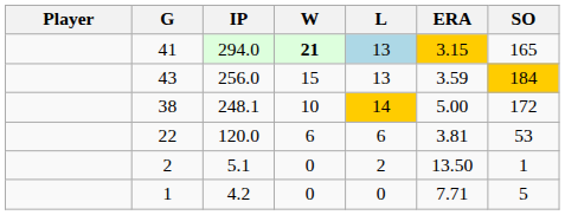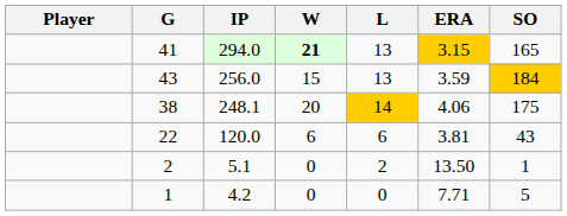 <table class="wikitable sortable">
 <tr>
 <th bgcolor="#DDDDFF" width="16%">Player</th>
 <th bgcolor="#DDDDFF" width="9%">G</th>
 <th bgcolor="#DDDDFF" width="9%">IP</th>
 <th bgcolor="#DDDDFF" width="9%">W</th>
 <th bgcolor="#DDDDFF" width="9%">L</th>
 <th bgcolor="#DDDDFF" width="9%">ERA</th>
 <th bgcolor="#DDDDFF" width="9%">SO</th>
 </tr>
 <tr align="center">
 <td></td>
 <td>41</td>
 <td style="background:#DDFFDD;">294.0</td>
 <td style="background:#DDFFDD;"><strong>21</strong></td>
-<td style="background: lightblue;">13</td>
+<td>13</td>
 <td style="background:#fc0;">3.15</td>
 <td>165</td>
 </tr>
 <tr align="center">
 <td></td>
 <td>43</td>
 <td>256.0</td>
 <td>15</td>
 <td>13</td>
 <td>3.59</td>
 <td style="background:#fc0;">184</td>
 </tr>
 <tr align="center">
 <td></td>
 <td>38</td>
 <td>248.1</td>
-<td>10</td>
+<td>20</td>
 <td style="background:#fc0;">14</td>
-<td>5.00</td>
-<td>172</td>
+<td>4.06</td>
+<td>175</td>
 </tr>
 <tr align="center">
 <td></td>
 <td>22</td>
 <td>120.0</td>
 <td>6</td>
 <td>6</td>
 <td>3.81</td>
-<td>53</td>
+<td>43</td>
 </tr>
 <tr align="center">
 <td></td>
 <td>2</td>
 <td>5.1</td>
 <td>0</td>
 <td>2</td>
 <td>13.50</td>
 <td>1</td>
 </tr>
 <tr align="center">
 <td></td>
 <td>1</td>
 <td>4.2</td>
 <td>0</td>
 <td>0</td>
 <td>7.71</td>
 <td>5</td>
 </tr>
 </table>
